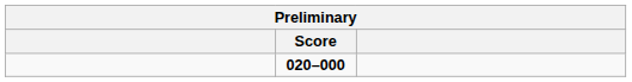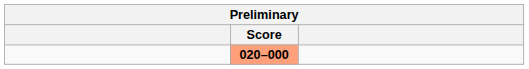 <table class="wikitable" style="text-align: center; font-size:90% ">
 <tr>
 <th colspan=3>Preliminary</th>
 </tr>
 <tr>
 <th align="right" width="250"></th>
 <th width="70">Score</th>
 <th align="left" width="250"></th>
 </tr>
 <tr>
 <td align=left><strong></strong></td>
-<td align=center><strong>020–000</strong></td>
+<td align=center style="background: lightsalmon;"><strong>020–000</strong></td>
 <td align=left></td>
 </tr>
 </table>
